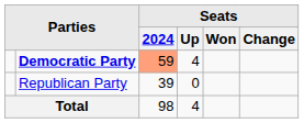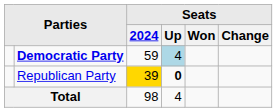 <table class=wikitable>
 <tr>
 <th style="background-color:#E9E9E9" align=center rowspan=2 colspan=2>Parties</th>
 <th style="background-color:#E9E9E9" align=center colspan=5>Seats</th>
 </tr>
 <tr>
 <th><a href='#'>2024</a></th>
 <th>Up</th>
 <th>Won</th>
 <th>Change</th>
 </tr>
 <tr>
 <td style="background-color:"> </td>
 <td><strong><a href='#'>Democratic Party</a></strong></td>
-<td align=right style="background: lightsalmon;">59</td>
-<td align=right>4</td>
+<td align=right>59</td>
+<td align=right style="background: lightblue;">4</td>
 <td align=right></td>
 <td align=right></td>
 </tr>
 <tr>
 <td style="background-color:"> </td>
 <td><a href='#'>Republican Party</a></td>
-<td align=right>39</td>
-<td align=right>0</td>
+<td align=right style="background: gold;">39</td>
+<td align=right><strong>0</strong></td>
 <td align=right></td>
 <td align=right></td>
 </tr>
 <tr>
 <th colspan=2>Total</th>
 <td align=right>98</td>
 <td align=right>4</td>
 <td align=right></td>
 <td align=right></td>
 </tr>
 </table>
